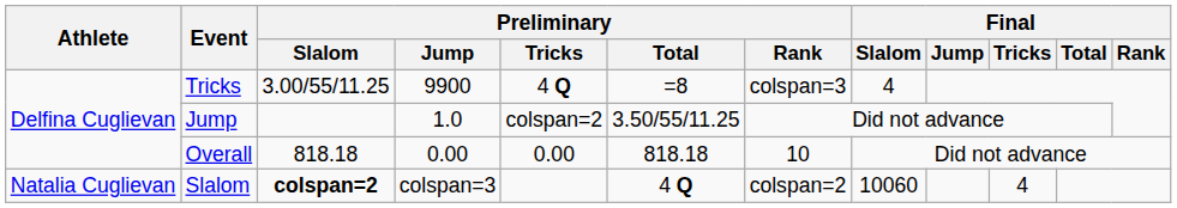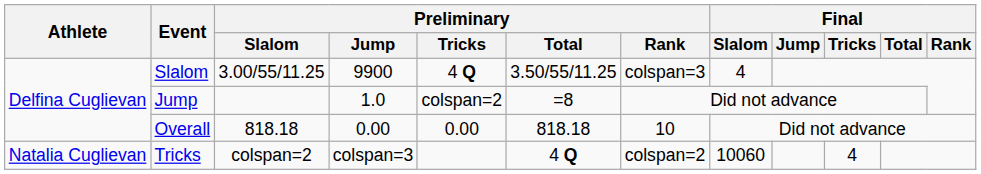 <table class=wikitable style=font-size:90%;text-align:center>
 <tr>
 <th rowspan=2>Athlete</th>
 <th rowspan=2>Event</th>
 <th colspan=5>Preliminary</th>
 <th colspan=5>Final</th>
 </tr>
 <tr style=font-size:95%>
 <th>Slalom</th>
 <th>Jump</th>
 <th>Tricks</th>
 <th>Total</th>
 <th>Rank</th>
 <th>Slalom</th>
 <th>Jump</th>
 <th>Tricks</th>
 <th>Total</th>
 <th>Rank</th>
 </tr>
 <tr>
 <td align=left rowspan=3><a href='#'>Delfina Cuglievan</a></td>
-<td align=left><a href='#'>Tricks</a></td>
+<td align=left><a href='#'>Slalom</a></td>
 <td>3.00/55/11.25</td>
 <td>9900</td>
 <td>4 <strong>Q</strong></td>
-<td>=8</td>
+<td>3.50/55/11.25</td>
 <td>colspan=3 </td>
 <td>4</td>
 </tr>
 <tr>
 <td align=left><a href='#'>Jump</a></td>
 <td></td>
 <td>1.0</td>
 <td>colspan=2 </td>
-<td>3.50/55/11.25</td>
+<td>=8</td>
 <td colspan=5>Did not advance</td>
 </tr>
 <tr>
 <td align=left><a href='#'>Overall</a></td>
 <td>818.18</td>
 <td>0.00</td>
 <td>0.00</td>
 <td>818.18</td>
 <td>10</td>
 <td colspan=5>Did not advance</td>
 </tr>
 <tr>
 <td align=left><a href='#'>Natalia Cuglievan</a></td>
-<td align=left><a href='#'>Slalom</a></td>
-<td><strong>colspan=2 </strong></td>
+<td align=left><a href='#'>Tricks</a></td>
+<td>colspan=2 </td>
 <td>colspan=3 </td>
 <td></td>
 <td>4 <strong>Q</strong></td>
 <td>colspan=2 </td>
 <td>10060</td>
 <td></td>
 <td>4</td>
 </tr>
 </table>
